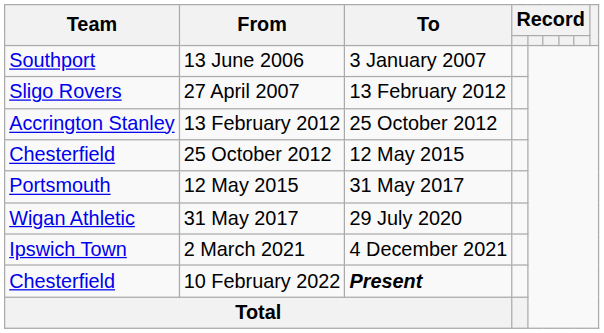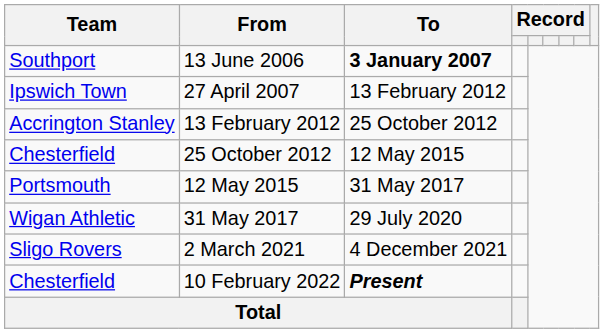 <table class=wikitable style=text-align:center>
 <tr>
 <th rowspan=2>Team</th>
 <th rowspan=2>From</th>
 <th rowspan=2>To</th>
 <th colspan=5>Record</th>
 <th rowspan=2></th>
 </tr>
 <tr>
 <th></th>
 <th></th>
 <th></th>
 <th></th>
 <th></th>
 </tr>
 <tr>
 <td align=left><a href='#'>Southport</a></td>
 <td align=left>13 June 2006</td>
-<td align=left>3 January 2007<br></td>
+<td align=left><strong>3 January 2007<br></strong></td>
 <td></td>
 </tr>
 <tr>
-<td align=left><a href='#'>Sligo Rovers</a></td>
+<td align=left><a href='#'>Ipswich Town</a></td>
 <td align=left>27 April 2007</td>
 <td align=left>13 February 2012<br></td>
 <td></td>
 </tr>
 <tr>
 <td align=left><a href='#'>Accrington Stanley</a></td>
 <td align=left>13 February 2012</td>
 <td align=left>25 October 2012<br></td>
 <td></td>
 </tr>
 <tr>
 <td align=left><a href='#'>Chesterfield</a></td>
 <td align=left>25 October 2012</td>
 <td align=left>12 May 2015<br></td>
 <td></td>
 </tr>
 <tr>
 <td align=left><a href='#'>Portsmouth</a></td>
 <td align=left>12 May 2015</td>
 <td align=left>31 May 2017<br></td>
 <td></td>
 </tr>
 <tr>
 <td align=left><a href='#'>Wigan Athletic</a></td>
 <td align=left>31 May 2017</td>
 <td align=left>29 July 2020<br></td>
 <td></td>
 </tr>
 <tr>
-<td align=left><a href='#'>Ipswich Town</a></td>
+<td align=left><a href='#'>Sligo Rovers</a></td>
 <td align=left>2 March 2021</td>
 <td align=left>4 December 2021<br></td>
 <td></td>
 </tr>
 <tr>
 <td align=left><a href='#'>Chesterfield</a></td>
 <td align=left>10 February 2022</td>
 <td align=left><strong><em>Present</em><br></strong></td>
 <td></td>
 </tr>
 <tr>
 <th colspan=3>Total<br></th>
 <th></th>
 </tr>
 </table>
